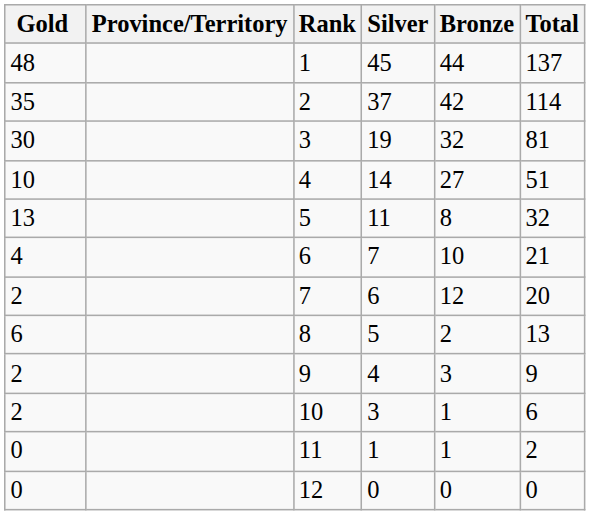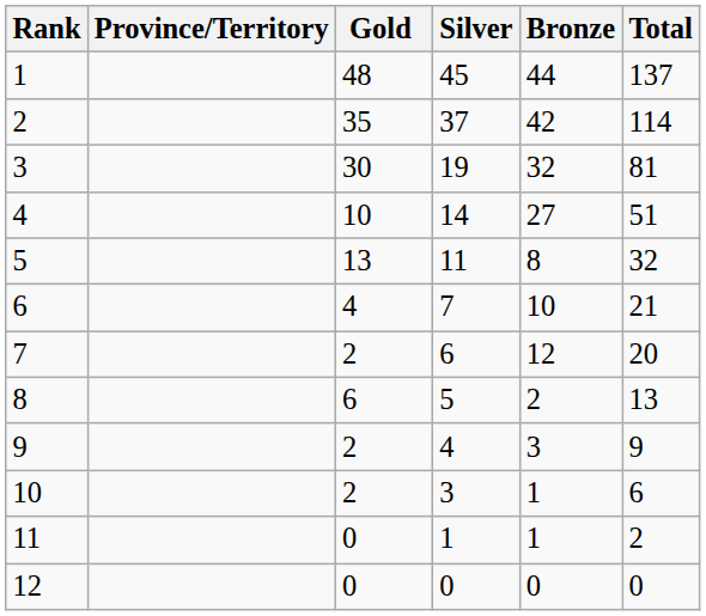 <table class="wikitable">
 <tr>
+<th><strong>Rank</strong></th>
+<th><strong>Province/Territory</strong></th>
 <th bgcolor="gold"><strong> Gold  </strong></th>
-<th><strong>Province/Territory</strong></th>
-<th><strong>Rank</strong></th>
 <th bgcolor="silver"><strong>Silver</strong></th>
 <th bgcolor="CC9966"><strong>Bronze</strong></th>
 <th><strong>Total</strong></th>
 </tr>
 <tr>
+<td>1</td>
+<td></td>
 <td>48</td>
-<td></td>
-<td>1</td>
 <td>45</td>
 <td>44</td>
 <td>137</td>
 </tr>
 <tr>
+<td>2</td>
+<td></td>
 <td>35</td>
-<td></td>
-<td>2</td>
 <td>37</td>
 <td>42</td>
 <td>114</td>
 </tr>
 <tr>
+<td>3</td>
+<td><strong></strong></td>
 <td>30</td>
-<td><strong></strong></td>
-<td>3</td>
 <td>19</td>
 <td>32</td>
 <td>81</td>
 </tr>
 <tr>
+<td>4</td>
+<td></td>
 <td>10</td>
-<td></td>
-<td>4</td>
 <td>14</td>
 <td>27</td>
 <td>51</td>
 </tr>
 <tr>
+<td>5</td>
+<td></td>
 <td>13</td>
-<td></td>
-<td>5</td>
 <td>11</td>
 <td>8</td>
 <td>32</td>
 </tr>
 <tr>
+<td>6</td>
+<td></td>
 <td>4</td>
-<td></td>
-<td>6</td>
 <td>7</td>
 <td>10</td>
 <td>21</td>
 </tr>
 <tr>
+<td>7</td>
+<td></td>
 <td>2</td>
-<td></td>
-<td>7</td>
 <td>6</td>
 <td>12</td>
 <td>20</td>
 </tr>
 <tr>
+<td>8</td>
+<td></td>
 <td>6</td>
-<td></td>
-<td>8</td>
 <td>5</td>
 <td>2</td>
 <td>13</td>
 </tr>
 <tr>
+<td>9</td>
+<td></td>
 <td>2</td>
-<td></td>
-<td>9</td>
 <td>4</td>
 <td>3</td>
 <td>9</td>
 </tr>
 <tr>
+<td>10</td>
+<td></td>
 <td>2</td>
-<td></td>
-<td>10</td>
 <td>3</td>
 <td>1</td>
 <td>6</td>
 </tr>
 <tr>
+<td>11</td>
+<td></td>
 <td>0</td>
-<td></td>
-<td>11</td>
 <td>1</td>
 <td>1</td>
 <td>2</td>
 </tr>
 <tr>
+<td>12</td>
+<td></td>
 <td>0</td>
-<td></td>
-<td>12</td>
 <td>0</td>
 <td>0</td>
 <td>0</td>
 </tr>
 </table>
